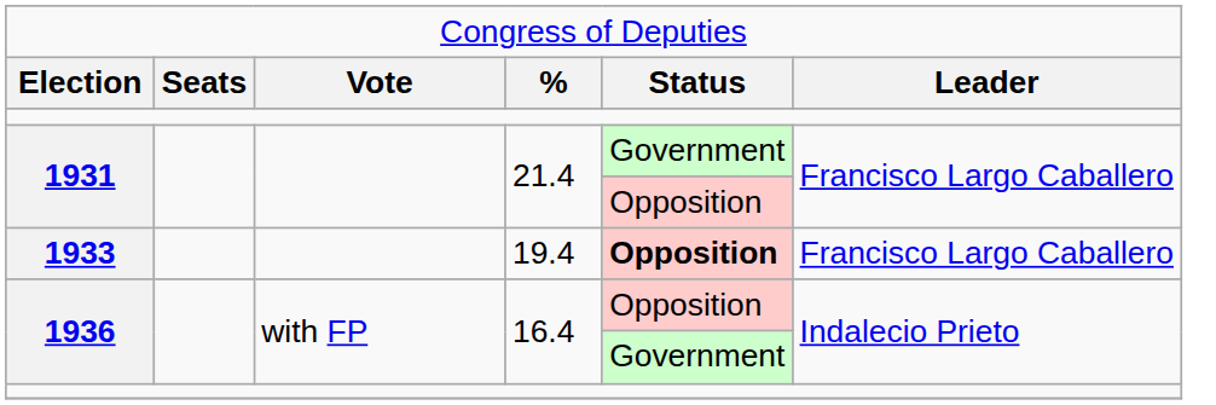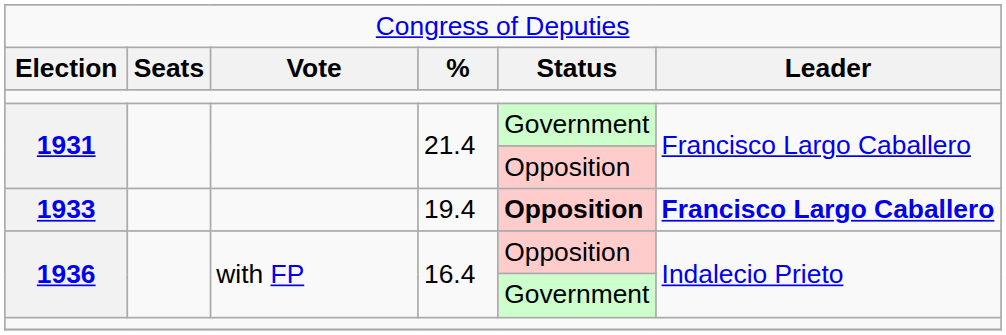 <table class="wikitable" style="font-size:97%;">
 <tr>
 <td align="center" colspan="6"><a href='#'>Congress of Deputies</a></td>
 </tr>
 <tr>
 <th width="65">Election</th>
 <th>Seats</th>
 <th width="115">Vote</th>
 <th width="40">%</th>
 <th>Status</th>
 <th>Leader</th>
 </tr>
 <tr>
 <td colspan="6"></td>
 </tr>
 <tr>
 <th rowspan="2"><a href='#'>1931</a></th>
 <td rowspan="2"></td>
 <td rowspan="2"></td>
 <td rowspan="2">21.4</td>
 <td style="background-color:#cfc;">Government</td>
 <td rowspan="2"><a href='#'>Francisco Largo Caballero</a></td>
 </tr>
 <tr>
 <td style="background-color:#fcc;">Opposition </td>
 </tr>
 <tr>
 <th><a href='#'>1933</a></th>
 <td></td>
 <td></td>
 <td>19.4</td>
 <td style="background-color:#fcc;"><strong>Opposition</strong></td>
-<td><a href='#'>Francisco Largo Caballero</a></td>
+<td><strong><a href='#'>Francisco Largo Caballero</a></strong></td>
 </tr>
 <tr>
 <th rowspan="2"><a href='#'>1936</a></th>
 <td rowspan="2"></td>
 <td rowspan="2">with <a href='#'>FP</a></td>
 <td rowspan="2">16.4</td>
 <td style="background-color:#fcc;">Opposition</td>
 <td rowspan="2"><a href='#'>Indalecio Prieto</a></td>
 </tr>
 <tr>
 <td style="background-color:#cfc;">Government </td>
 </tr>
 <tr>
 <td colspan="7"></td>
 </tr>
 <tr>
 </tr>
 </table>
